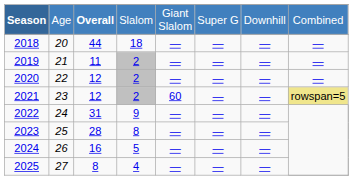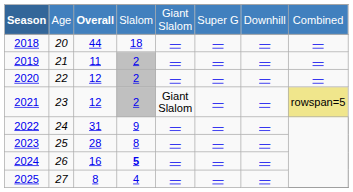 <table class="wikitable" style="font-size:95%; text-align:center; border:grey solid 1px; border-collapse:collapse;" width="40%">
 <tr style="background-color:#369; color:white;">
 <td rowspan="2" colspan="1" width="5%"><strong>Season</strong></td>
 </tr>
 <tr style="background-color:#4180be; color:white;">
 <td width="3%">Age</td>
 <td width="5%"><strong>Overall</strong></td>
 <td width="5%">Slalom</td>
 <td width="5%">Giant<br>Slalom</td>
 <td width="5%">Super G</td>
 <td width="5%">Downhill</td>
 <td width="5%">Combined</td>
 </tr>
 <tr style="background-color:#8CB2D8; color:white;">
 </tr>
 <tr>
 </tr>
 <tr>
 <td><a href='#'>2018</a></td>
 <td><em>20</em></td>
 <td><a href='#'>44</a></td>
 <td><a href='#'>18</a></td>
 <td><a href='#'>—</a></td>
 <td><a href='#'>—</a></td>
 <td><a href='#'>—</a></td>
 <td><a href='#'>—</a></td>
 </tr>
 <tr>
 <td><a href='#'>2019</a></td>
 <td><em>21</em></td>
 <td><a href='#'>11</a></td>
 <td bgcolor="silver"><a href='#'>2</a></td>
 <td><a href='#'>—</a></td>
 <td><a href='#'>—</a></td>
 <td><a href='#'>—</a></td>
 <td><a href='#'>—</a></td>
 </tr>
 <tr>
 <td><a href='#'>2020</a></td>
 <td><em>22</em></td>
 <td><a href='#'>12</a></td>
 <td bgcolor="silver"><a href='#'>2</a></td>
 <td><a href='#'>—</a></td>
 <td><a href='#'>—</a></td>
 <td><a href='#'>—</a></td>
 <td><a href='#'>—</a></td>
 </tr>
 <tr>
 <td><a href='#'>2021</a></td>
 <td><em>23</em></td>
 <td><a href='#'>12</a></td>
 <td style="background:silver;"><a href='#'>2</a></td>
-<td><a href='#'>60</a></td>
+<td width="5%">Giant<br>Slalom</td>
 <td><a href='#'>—</a></td>
 <td><a href='#'>—</a></td>
 <td style="background: khaki;">rowspan=5 </td>
 </tr>
 <tr>
 <td><a href='#'>2022</a></td>
 <td><em>24</em></td>
 <td><a href='#'>31</a></td>
 <td><a href='#'>9</a></td>
 <td><a href='#'>—</a></td>
 <td><a href='#'>—</a></td>
 <td><a href='#'>—</a></td>
 </tr>
 <tr>
 <td><a href='#'>2023</a></td>
 <td><em>25</em></td>
 <td><a href='#'>28</a></td>
 <td><a href='#'>8</a></td>
 <td><a href='#'>—</a></td>
 <td><a href='#'>—</a></td>
 <td><a href='#'>—</a></td>
 </tr>
 <tr>
 <td><a href='#'>2024</a></td>
 <td><em>26</em></td>
 <td><a href='#'>16</a></td>
-<td><a href='#'>5</a></td>
+<td><strong><a href='#'>5</a></strong></td>
 <td><a href='#'>—</a></td>
 <td><a href='#'>—</a></td>
 <td><a href='#'>—</a></td>
 </tr>
 <tr>
 <td><a href='#'>2025</a></td>
 <td><em>27</em></td>
 <td><a href='#'>8</a></td>
 <td><a href='#'>4</a></td>
 <td><a href='#'>—</a></td>
 <td><a href='#'>—</a></td>
 <td><a href='#'>—</a></td>
 </tr>
 </table>
